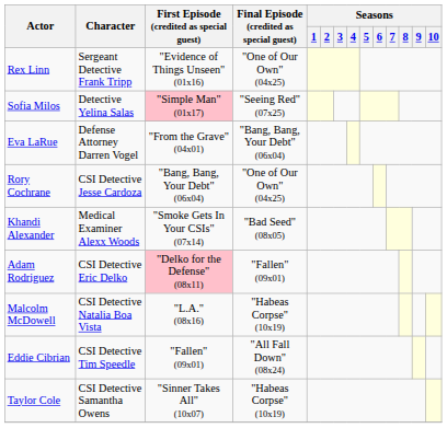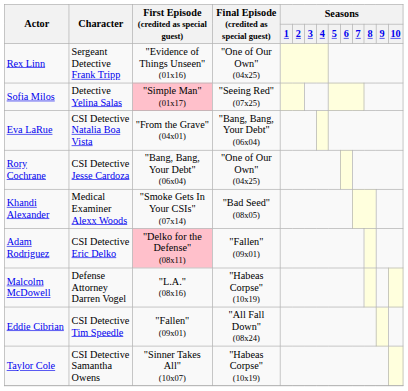 <table class="wikitable" style="width:100%;">
 <tr>
 <th rowspan="2">Actor</th>
 <th rowspan="2">Character</th>
 <th rowspan="2">First Episode<br><small>(credited as special guest)</small></th>
 <th rowspan="2">Final Episode<br><small>(credited as special guest)</small></th>
 <th colspan="10">Seasons</th>
 </tr>
 <tr>
 <th style="width:3%;"><a href='#'>1</a></th>
 <th style="width:3%;"><a href='#'>2</a></th>
 <th style="width:3%;"><a href='#'>3</a></th>
 <th style="width:3%;"><a href='#'>4</a></th>
 <th style="width:3%;"><a href='#'>5</a></th>
 <th style="width:3%;"><a href='#'>6</a></th>
 <th style="width:3%;"><a href='#'>7</a></th>
 <th style="width:3%;"><a href='#'>8</a></th>
 <th style="width:3%;"><a href='#'>9</a></th>
 <th style="width:3%;"><a href='#'>10</a></th>
 </tr>
 <tr>
 <td><a href='#'>Rex Linn</a></td>
 <td>Sergeant Detective<br><a href='#'>Frank Tripp</a></td>
 <td align="center">"Evidence of Things Unseen"<br><small>(01x16)</small></td>
 <td align="center">"One of Our Own"<br><small>(04x25)</small></td>
 <td colspan="4" style="background:#ffd; text-align:center;"></td>
 <td colspan="6"></td>
 </tr>
 <tr>
 <td><a href='#'>Sofia Milos</a></td>
 <td>Detective<br><a href='#'>Yelina Salas</a></td>
 <td align="center" style="background: pink;">"Simple Man"<br><small>(01x17)</small></td>
 <td align="center">"Seeing Red"<br><small>(07x25)</small></td>
 <td colspan="2" style="background:#ffd; text-align:center;"></td>
 <td colspan="2"></td>
 <td colspan="3" style="background:#ffd; text-align:center;"></td>
 <td colspan="3"></td>
 </tr>
 <tr>
 <td><a href='#'>Eva LaRue</a></td>
-<td>Defense Attorney<br>Darren Vogel</td>
+<td>CSI Detective<br><a href='#'>Natalia Boa Vista</a></td>
 <td align="center">"From the Grave"<br><small>(04x01)</small></td>
 <td align="center">"Bang, Bang, Your Debt"<br><small>(06x04)</small></td>
 <td colspan="3"></td>
 <td colspan="1" style="background:#ffd; text-align:center;"></td>
 <td colspan="6"></td>
 </tr>
 <tr>
 <td><a href='#'>Rory Cochrane</a></td>
 <td>CSI Detective<br><a href='#'>Jesse Cardoza</a></td>
 <td align="center">"Bang, Bang, Your Debt"<br><small>(06x04)</small></td>
 <td align="center">"One of Our Own"<br><small>(04x25)</small></td>
 <td colspan="5"></td>
 <td style="background:#ffd; text-align:center;"></td>
 <td colspan="4"></td>
 </tr>
 <tr>
 <td><a href='#'>Khandi Alexander</a></td>
 <td>Medical Examiner<br><a href='#'>Alexx Woods</a></td>
 <td align="center">"Smoke Gets In Your CSIs"<br><small>(07x14)</small></td>
 <td align="center">"Bad Seed"<br><small>(08x05)</small></td>
 <td colspan="6"></td>
 <td colspan="2" style="background:#ffd; text-align:center;"></td>
 <td colspan="2"></td>
 </tr>
 <tr>
 <td><a href='#'>Adam Rodriguez</a></td>
 <td>CSI Detective<br><a href='#'>Eric Delko</a></td>
 <td align="center" style="background: pink;">"Delko for the Defense"<br><small>(08x11)</small></td>
 <td align="center">"Fallen"<br><small>(09x01)</small></td>
 <td colspan="7"></td>
 <td style="background:#ffd; text-align:center;"></td>
 <td colspan="2"></td>
 </tr>
 <tr>
 <td><a href='#'>Malcolm McDowell</a></td>
-<td>CSI Detective<br><a href='#'>Natalia Boa Vista</a></td>
+<td>Defense Attorney<br>Darren Vogel</td>
 <td align="center">"L.A."<br><small>(08x16)</small></td>
 <td align="center">"Habeas Corpse"<br><small>(10x19)</small></td>
 <td colspan="7"></td>
 <td colspan="1" style="background:#ffd; text-align:center;"></td>
 <td colspan="1"></td>
 <td colspan="1" style="background:#ffd; text-align:center;"></td>
 </tr>
 <tr>
 <td><a href='#'>Eddie Cibrian</a></td>
 <td>CSI Detective<br><a href='#'>Tim Speedle</a></td>
 <td align="center">"Fallen"<br><small>(09x01)</small></td>
 <td align="center">"All Fall Down"<br><small>(08x24)</small></td>
 <td colspan="8"></td>
 <td colspan="1" style="background:#ffd; text-align:center;"></td>
 <td colspan="1"></td>
 </tr>
 <tr>
 <td><a href='#'>Taylor Cole</a></td>
 <td>CSI Detective<br>Samantha Owens</td>
 <td align="center">"Sinner Takes All"<br><small>(10x07)</small></td>
 <td align="center">"Habeas Corpse"<br><small>(10x19)</small></td>
 <td colspan="9"></td>
 <td colspan="1" style="background:#ffd; text-align:center;"></td>
 </tr>
 <tr>
 </tr>
 </table>
